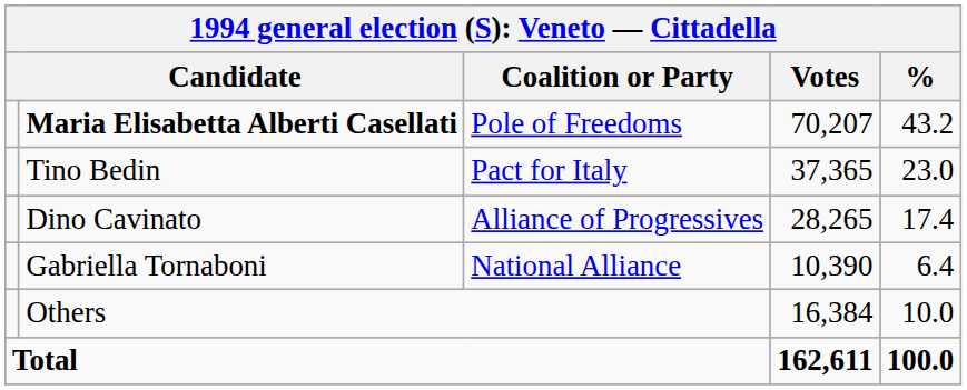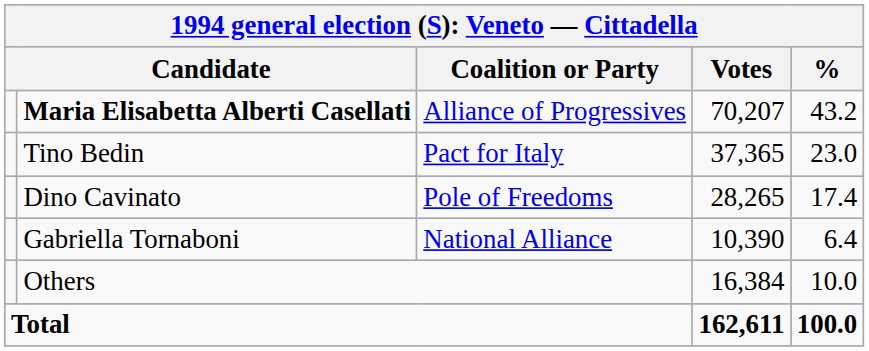 <table class=wikitable style=text-align:right>
 <tr>
 <th colspan=5><a href='#'>1994 general election</a> (<a href='#'>S</a>): <a href='#'>Veneto</a> — <a href='#'>Cittadella</a></th>
 </tr>
 <tr>
 <th colspan=2>Candidate</th>
 <th>Coalition or Party</th>
 <th>Votes</th>
 <th>%</th>
 </tr>
 <tr>
 <td></td>
 <td align=left><strong>Maria Elisabetta Alberti Casellati</strong></td>
-<td align=left><a href='#'>Pole of Freedoms</a></td>
+<td align=left><a href='#'>Alliance of Progressives</a></td>
 <td>70,207</td>
 <td>43.2</td>
 </tr>
 <tr>
 <td></td>
 <td align=left>Tino Bedin</td>
 <td align=left><a href='#'>Pact for Italy</a></td>
 <td>37,365</td>
 <td>23.0</td>
 </tr>
 <tr>
 <td></td>
 <td align=left>Dino Cavinato</td>
-<td align=left><a href='#'>Alliance of Progressives</a></td>
+<td align=left><a href='#'>Pole of Freedoms</a></td>
 <td>28,265</td>
 <td>17.4</td>
 </tr>
 <tr>
 <td></td>
 <td align=left>Gabriella Tornaboni</td>
 <td align=left><a href='#'>National Alliance</a></td>
 <td>10,390</td>
 <td>6.4</td>
 </tr>
 <tr>
 <td></td>
 <td align=left colspan=2>Others</td>
 <td>16,384</td>
 <td>10.0</td>
 </tr>
 <tr>
 <td align=left colspan=3><strong>Total</strong></td>
 <td><strong>162,611</strong></td>
 <td><strong>100.0</strong></td>
 </tr>
 </table>
